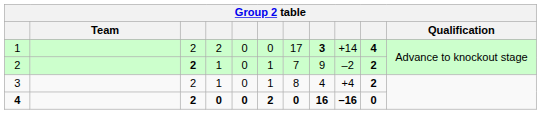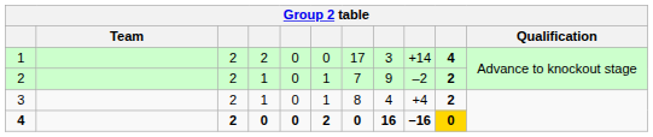 <table class="wikitable" style="text-align:center">
 <tr>
 <th colspan="11"><a href='#'>Group 2</a> table</th>
 </tr>
 <tr>
 <th width="30"></th>
 <th width="210">Team</th>
 <th width="30"></th>
 <th width="30"></th>
 <th width="30"></th>
 <th width="30"></th>
 <th width="30"></th>
 <th width="30"></th>
 <th width="30"></th>
 <th width="30"></th>
 <th width="210">Qualification</th>
 </tr>
 <tr bgcolor="#ccffcc">
 <td>1</td>
 <td align="left"></td>
 <td>2</td>
 <td>2</td>
 <td>0</td>
 <td>0</td>
 <td>17</td>
-<td><strong>3</strong></td>
+<td>3</td>
 <td>+14</td>
 <td><strong>4</strong></td>
 <td rowspan="2">Advance to knockout stage</td>
 </tr>
 <tr bgcolor="#ccffcc">
 <td>2</td>
 <td align="left"></td>
-<td><strong>2</strong></td>
+<td>2</td>
 <td>1</td>
 <td>0</td>
 <td>1</td>
 <td>7</td>
 <td>9</td>
 <td>–2</td>
 <td><strong>2</strong></td>
 </tr>
 <tr>
 <td>3</td>
 <td align="left"></td>
 <td>2</td>
 <td>1</td>
 <td>0</td>
 <td>1</td>
 <td>8</td>
 <td>4</td>
 <td>+4</td>
 <td><strong>2</strong></td>
 <td rowspan="2"></td>
 </tr>
 <tr>
 <td><strong>4</strong></td>
 <td align="left"><strong></strong></td>
 <td><strong>2</strong></td>
 <td><strong>0</strong></td>
 <td><strong>0</strong></td>
 <td><strong>2</strong></td>
 <td><strong>0</strong></td>
 <td><strong>16</strong></td>
 <td><strong>–16</strong></td>
-<td><strong>0</strong></td>
+<td style="background: gold;"><strong>0</strong></td>
 </tr>
 </table>
